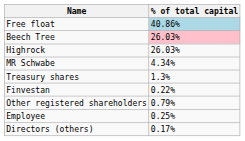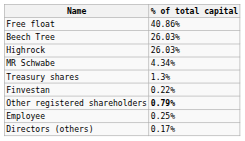 <table class="wikitable">
 <tr>
 <th>Name</th>
 <th>% of total capital</th>
 </tr>
 <tr>
 <td>Free float</td>
-<td style="background: lightblue;">40.86%</td>
+<td>40.86%</td>
 </tr>
 <tr>
 <td>Beech Tree</td>
-<td style="background: pink;">26.03%</td>
+<td>26.03%</td>
 </tr>
 <tr>
 <td>Highrock</td>
 <td>26.03%</td>
 </tr>
 <tr>
 <td>MR Schwabe</td>
 <td>4.34%</td>
 </tr>
 <tr>
 <td>Treasury shares</td>
 <td>1.3%</td>
 </tr>
 <tr>
 <td>Finvestan</td>
 <td>0.22%</td>
 </tr>
 <tr>
 <td>Other registered shareholders</td>
-<td>0.79%</td>
+<td><strong>0.79%</strong></td>
 </tr>
 <tr>
 <td>Employee</td>
 <td>0.25%</td>
 </tr>
 <tr>
 <td>Directors (others)</td>
 <td>0.17%</td>
 </tr>
 </table>
